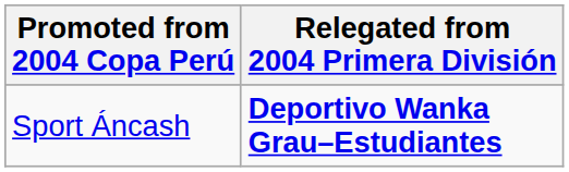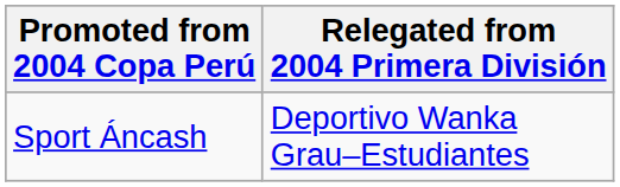 <table class="wikitable">
 <tr>
 <th>Promoted from<br><a href='#'>2004 Copa Perú</a></th>
 <th>Relegated from<br><a href='#'>2004 Primera División</a></th>
 </tr>
 <tr>
 <td> <a href='#'>Sport Áncash</a> </td>
-<td><strong> <a href='#'>Deportivo Wanka</a> <br> <a href='#'>Grau–Estudiantes</a> </strong></td>
+<td> <a href='#'>Deportivo Wanka</a> <br> <a href='#'>Grau–Estudiantes</a> </td>
 </tr>
 </table>
